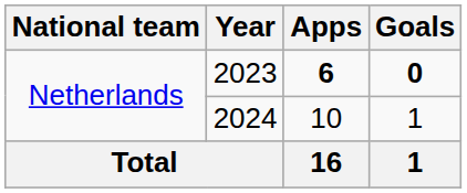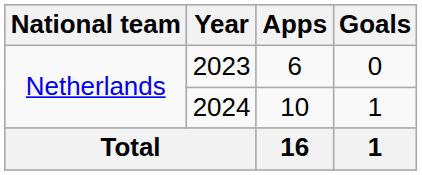 <table class="wikitable" style="text-align:center">
 <tr>
 <th>National team</th>
 <th>Year</th>
 <th>Apps</th>
 <th>Goals</th>
 </tr>
 <tr>
 <td rowspan="2"><a href='#'>Netherlands</a></td>
 <td>2023</td>
-<td><strong>6</strong></td>
-<td><strong>0</strong></td>
+<td>6</td>
+<td>0</td>
 </tr>
 <tr>
 <td>2024</td>
 <td>10</td>
 <td>1</td>
 </tr>
 <tr>
 <th colspan="2">Total</th>
 <th>16</th>
 <th>1</th>
 </tr>
 </table>
